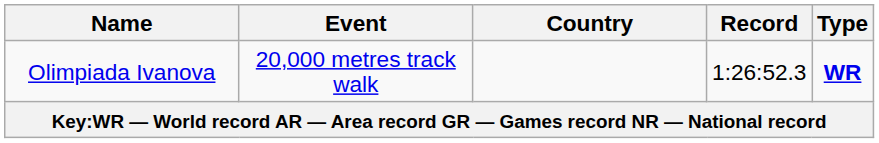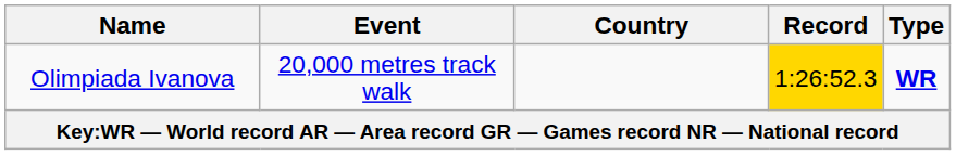 <table class="wikitable" style="text-align: center; font-size:95%">
 <tr>
 <th width="150">Name</th>
 <th width="150">Event</th>
 <th width="150">Country</th>
 <th width="50">Record</th>
 <th width="25">Type</th>
 </tr>
 <tr>
 <td><a href='#'>Olimpiada Ivanova</a></td>
 <td><a href='#'>20,000 metres track walk</a></td>
 <td></td>
-<td>1:26:52.3</td>
+<td style="background: gold;">1:26:52.3</td>
 <td><strong><a href='#'>WR</a></strong></td>
 </tr>
 <tr>
 <th colspan=5><small>Key:WR — World record  AR — Area record  GR — Games record  NR — National record</small></th>
 </tr>
 </table>
